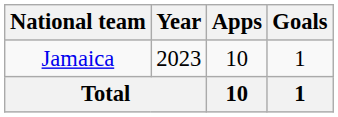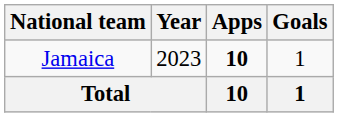 <table class="wikitable" style="text-align:center">
 <tr>
 <th>National team</th>
 <th>Year</th>
 <th>Apps</th>
 <th>Goals</th>
 </tr>
 <tr>
 <td rowspan=1><a href='#'>Jamaica</a></td>
 <td>2023</td>
-<td>10</td>
+<td><strong>10</strong></td>
 <td>1</td>
 </tr>
 <tr>
 <th colspan=2>Total</th>
 <th>10</th>
 <th>1</th>
 </tr>
 </table>
